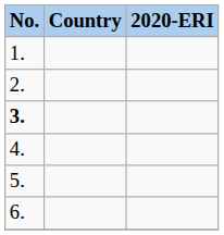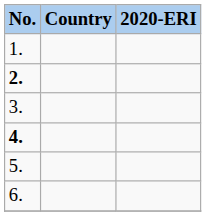 <table class="wikitable sortable">
 <tr ---->
 <th style="color: black; background-color: #ABCDEF">No.</th>
 <th style="color: black; background-color: #ABCDEF">Country</th>
 <th style="color: black; background-color: #ABCDEF">2020-ERI</th>
 </tr>
 <tr bgcolor=>
 <td>1.</td>
 <td align=left></td>
 <td></td>
 </tr>
 <tr bgcolor=>
-<td>2.</td>
+<td><strong>2.</strong></td>
 <td align=left></td>
 <td></td>
 </tr>
 <tr bgcolor=>
-<td><strong>3.</strong></td>
+<td>3.</td>
 <td align=left></td>
 <td></td>
 </tr>
 <tr bgcolor=>
-<td>4.</td>
+<td><strong>4.</strong></td>
 <td align=left></td>
 <td></td>
 </tr>
 <tr bgcolor=>
 <td>5.</td>
 <td align=left></td>
 <td></td>
 </tr>
 <tr bgcolor=>
 <td>6.</td>
 <td align=left></td>
 <td></td>
 </tr>
 <tr bgcolor=>
 </tr>
 <tr class="sortbottom">
 </tr>
 </table>
